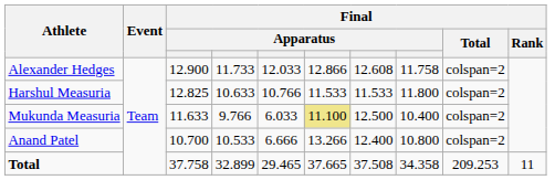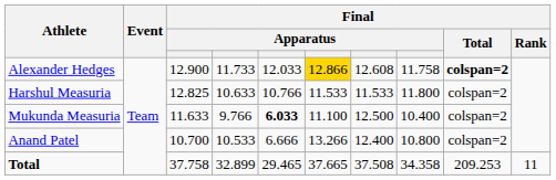 <table class="wikitable" style="font-size:90%">
 <tr>
 <th rowspan=3>Athlete</th>
 <th rowspan=3>Event</th>
 <th colspan=8>Final</th>
 </tr>
 <tr style="font-size:95%">
 <th colspan=6>Apparatus</th>
 <th rowspan=2>Total</th>
 <th rowspan=2>Rank</th>
 </tr>
 <tr style="font-size:95%">
 <th></th>
 <th></th>
 <th></th>
 <th></th>
 <th></th>
 <th></th>
 </tr>
 <tr align=center>
 <td align=left><a href='#'>Alexander Hedges</a></td>
 <td align=left rowspan=5><a href='#'>Team</a></td>
 <td>12.900</td>
 <td>11.733</td>
 <td>12.033</td>
-<td>12.866</td>
+<td style="background: gold;">12.866</td>
 <td>12.608</td>
 <td>11.758</td>
-<td>colspan=2 </td>
+<td><strong>colspan=2 </strong></td>
 </tr>
 <tr align=center>
 <td align=left><a href='#'>Harshul Measuria</a></td>
 <td>12.825</td>
 <td>10.633</td>
 <td>10.766</td>
 <td>11.533</td>
 <td>11.533</td>
 <td>11.800</td>
 <td>colspan=2 </td>
 </tr>
 <tr align=center>
 <td align=left><a href='#'>Mukunda Measuria</a></td>
 <td>11.633</td>
 <td>9.766</td>
-<td>6.033</td>
-<td style="background: khaki;">11.100</td>
+<td><strong>6.033</strong></td>
+<td>11.100</td>
 <td>12.500</td>
 <td>10.400</td>
 <td>colspan=2 </td>
 </tr>
 <tr align=center>
 <td align=left><a href='#'>Anand Patel</a></td>
 <td>10.700</td>
 <td>10.533</td>
 <td>6.666</td>
 <td>13.266</td>
 <td>12.400</td>
 <td>10.800</td>
 <td>colspan=2 </td>
 </tr>
 <tr align=center>
 <td align=left><strong>Total</strong></td>
 <td>37.758</td>
 <td>32.899</td>
 <td>29.465</td>
 <td>37.665</td>
 <td>37.508</td>
 <td>34.358</td>
 <td>209.253</td>
 <td>11</td>
 </tr>
 </table>
